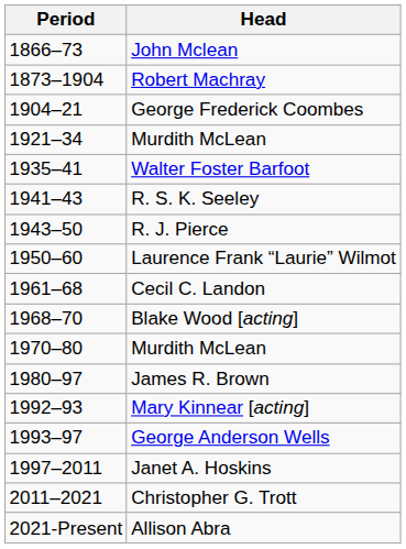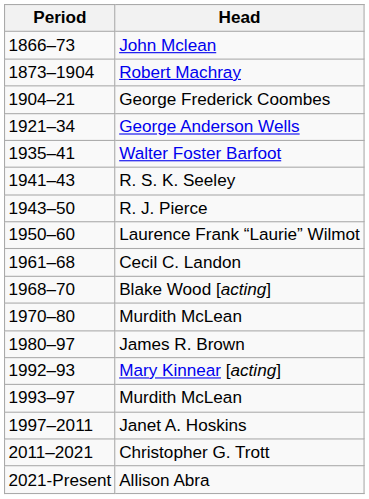 <table class="wikitable">
 <tr>
 <th>Period</th>
 <th>Head</th>
 </tr>
 <tr>
 <td>1866–73</td>
 <td><a href='#'>John Mclean</a></td>
 </tr>
 <tr>
 <td>1873–1904</td>
 <td><a href='#'>Robert Machray</a></td>
 </tr>
 <tr>
 <td>1904–21</td>
 <td>George Frederick Coombes</td>
 </tr>
 <tr>
 <td>1921–34</td>
-<td>Murdith McLean</td>
+<td><a href='#'>George Anderson Wells</a></td>
 </tr>
 <tr>
 <td>1935–41</td>
 <td><a href='#'>Walter Foster Barfoot</a></td>
 </tr>
 <tr>
 <td>1941–43</td>
 <td>R. S. K. Seeley</td>
 </tr>
 <tr>
 <td>1943–50</td>
 <td>R. J. Pierce</td>
 </tr>
 <tr>
 <td>1950–60</td>
 <td>Laurence Frank “Laurie” Wilmot</td>
 </tr>
 <tr>
 <td>1961–68</td>
 <td>Cecil C. Landon</td>
 </tr>
 <tr>
 <td>1968–70</td>
 <td>Blake Wood [<em>acting</em>]</td>
 </tr>
 <tr>
 <td>1970–80</td>
 <td>Murdith McLean</td>
 </tr>
 <tr>
 <td>1980–97</td>
 <td>James R. Brown</td>
 </tr>
 <tr>
 <td>1992–93</td>
 <td><a href='#'>Mary Kinnear</a> [<em>acting</em>]</td>
 </tr>
 <tr>
 <td>1993–97</td>
-<td><a href='#'>George Anderson Wells</a></td>
+<td>Murdith McLean</td>
 </tr>
 <tr>
 <td>1997–2011</td>
 <td>Janet A. Hoskins</td>
 </tr>
 <tr>
 <td>2011–2021</td>
 <td>Christopher G. Trott</td>
 </tr>
 <tr>
 <td>2021-Present</td>
 <td>Allison Abra</td>
 </tr>
 </table>
